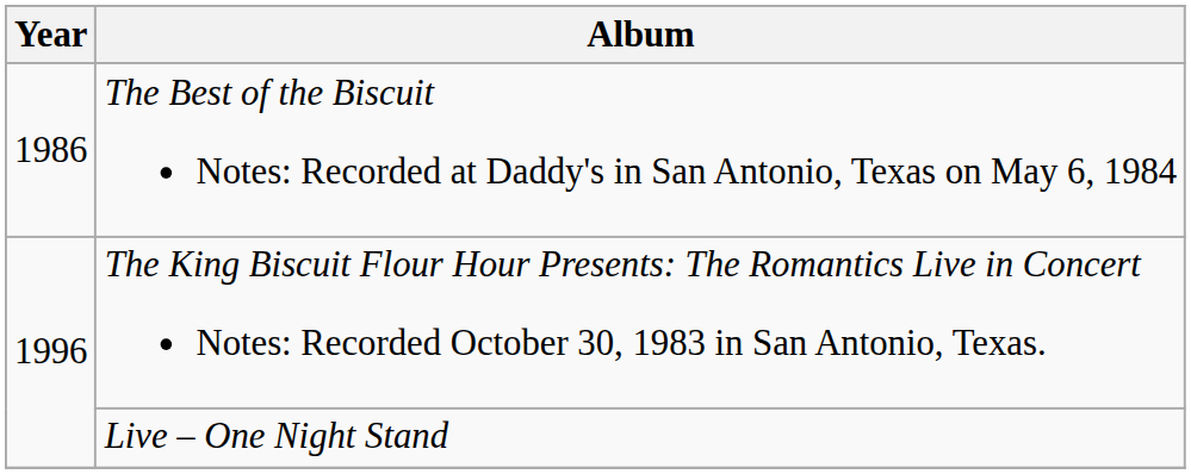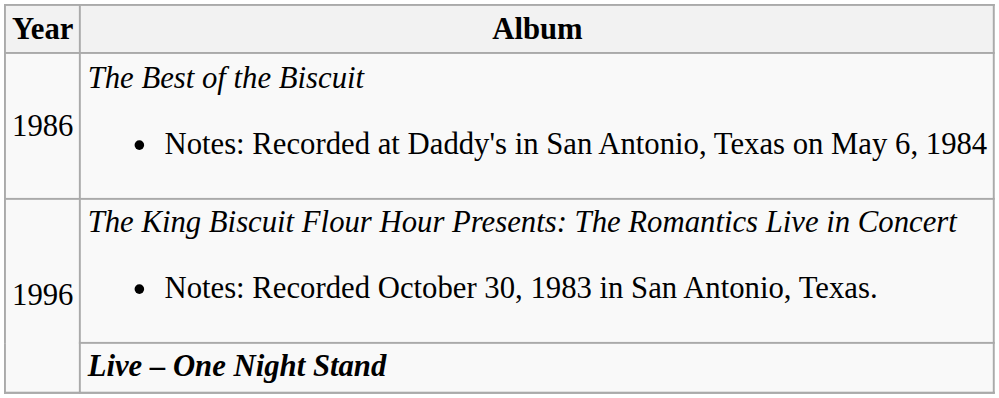 <table class="wikitable">
 <tr>
 <th>Year</th>
 <th>Album</th>
 </tr>
 <tr>
 <td>1986</td>
 <td><em>The Best of the Biscuit</em><br><ul><li>Notes: Recorded at Daddy's in San Antonio, Texas on May 6, 1984</li></ul></td>
 </tr>
 <tr>
 <td rowspan="2">1996</td>
 <td><em>The King Biscuit Flour Hour Presents: The Romantics Live in Concert</em><br><ul><li>Notes: Recorded October 30, 1983 in San Antonio, Texas.</li></ul></td>
 </tr>
 <tr>
-<td><em>Live – One Night Stand</em></td>
+<td><strong><em>Live – One Night Stand</em></strong></td>
 </tr>
 <tr>
 </tr>
 </table>
